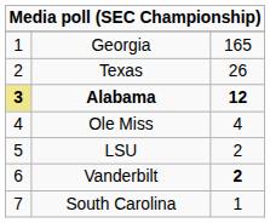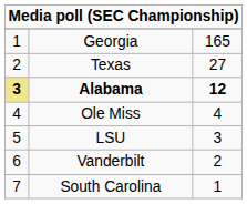 <table class="wikitable">
 <tr align="center">
 <td align="center" Colspan="3"><strong>Media poll (SEC Championship)</strong></td>
 </tr>
 <tr align="center">
 </tr>
 <tr align="center">
 <td>1</td>
 <td>Georgia</td>
 <td>165</td>
 </tr>
 <tr align="center">
 <td>2</td>
 <td>Texas</td>
-<td>26</td>
+<td>27</td>
 </tr>
 <tr align="center">
 <td style="background: khaki;"><strong>3</strong></td>
 <td><strong>Alabama</strong></td>
 <td><strong>12</strong></td>
 </tr>
 <tr align="center">
 <td>4</td>
 <td>Ole Miss</td>
 <td>4</td>
 </tr>
 <tr align="center">
 <td>5</td>
 <td>LSU</td>
-<td>2</td>
+<td>3</td>
 </tr>
 <tr align="center">
 <td>6</td>
 <td>Vanderbilt</td>
-<td><strong>2</strong></td>
+<td>2</td>
 </tr>
 <tr align="center">
 <td>7</td>
 <td>South Carolina</td>
 <td>1</td>
 </tr>
 </table>
